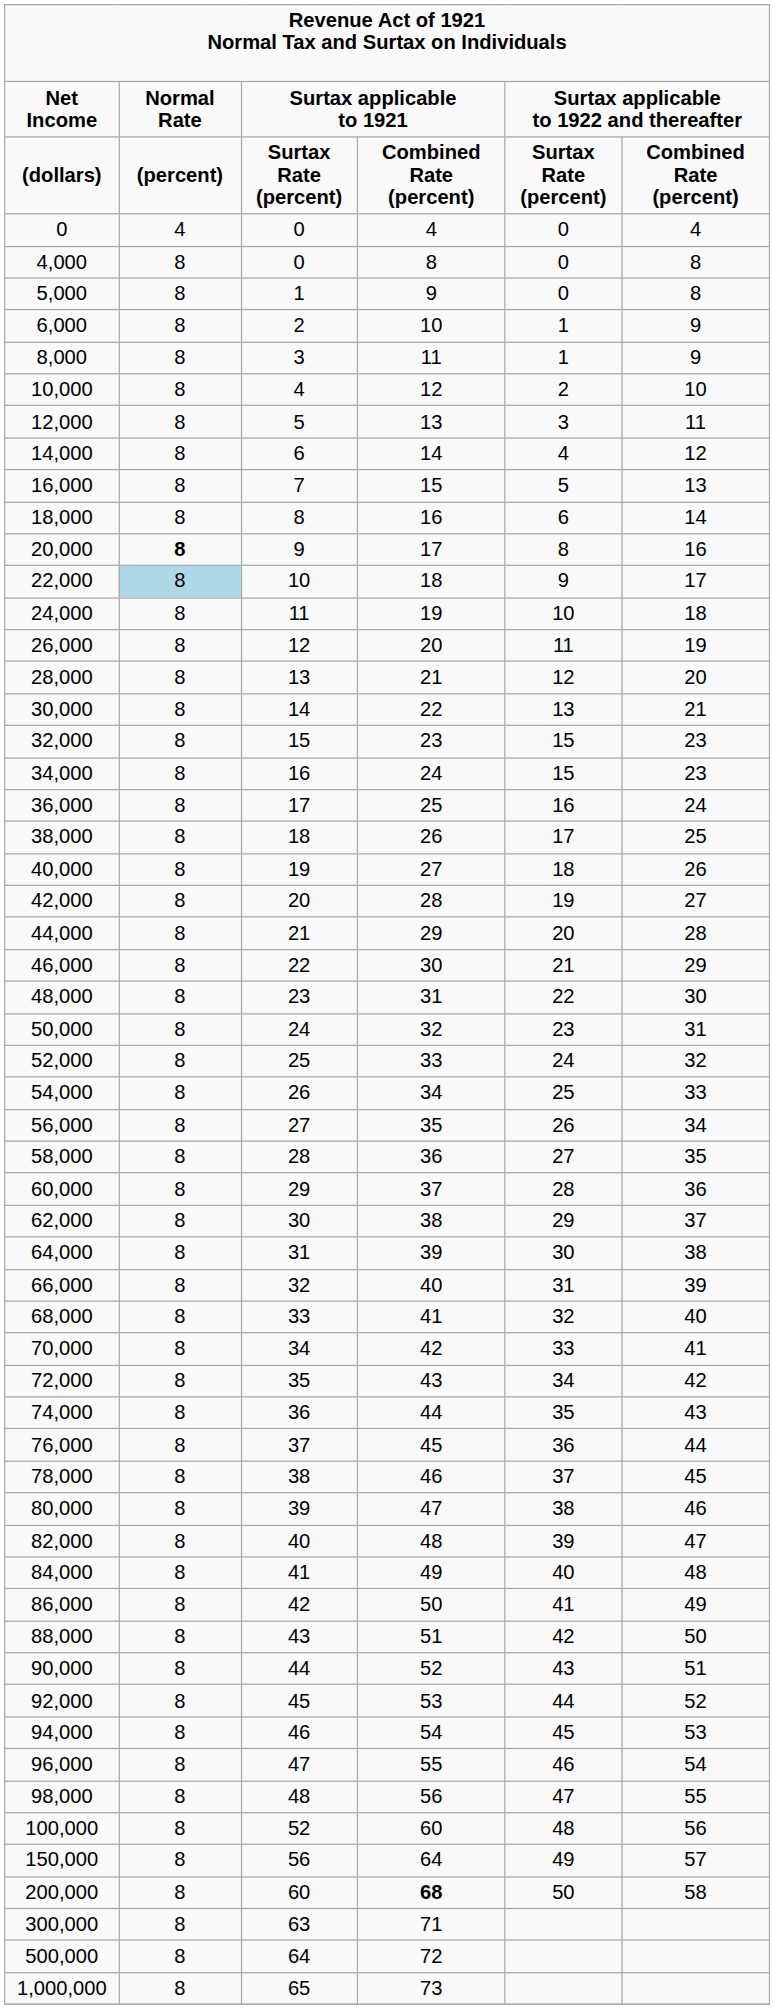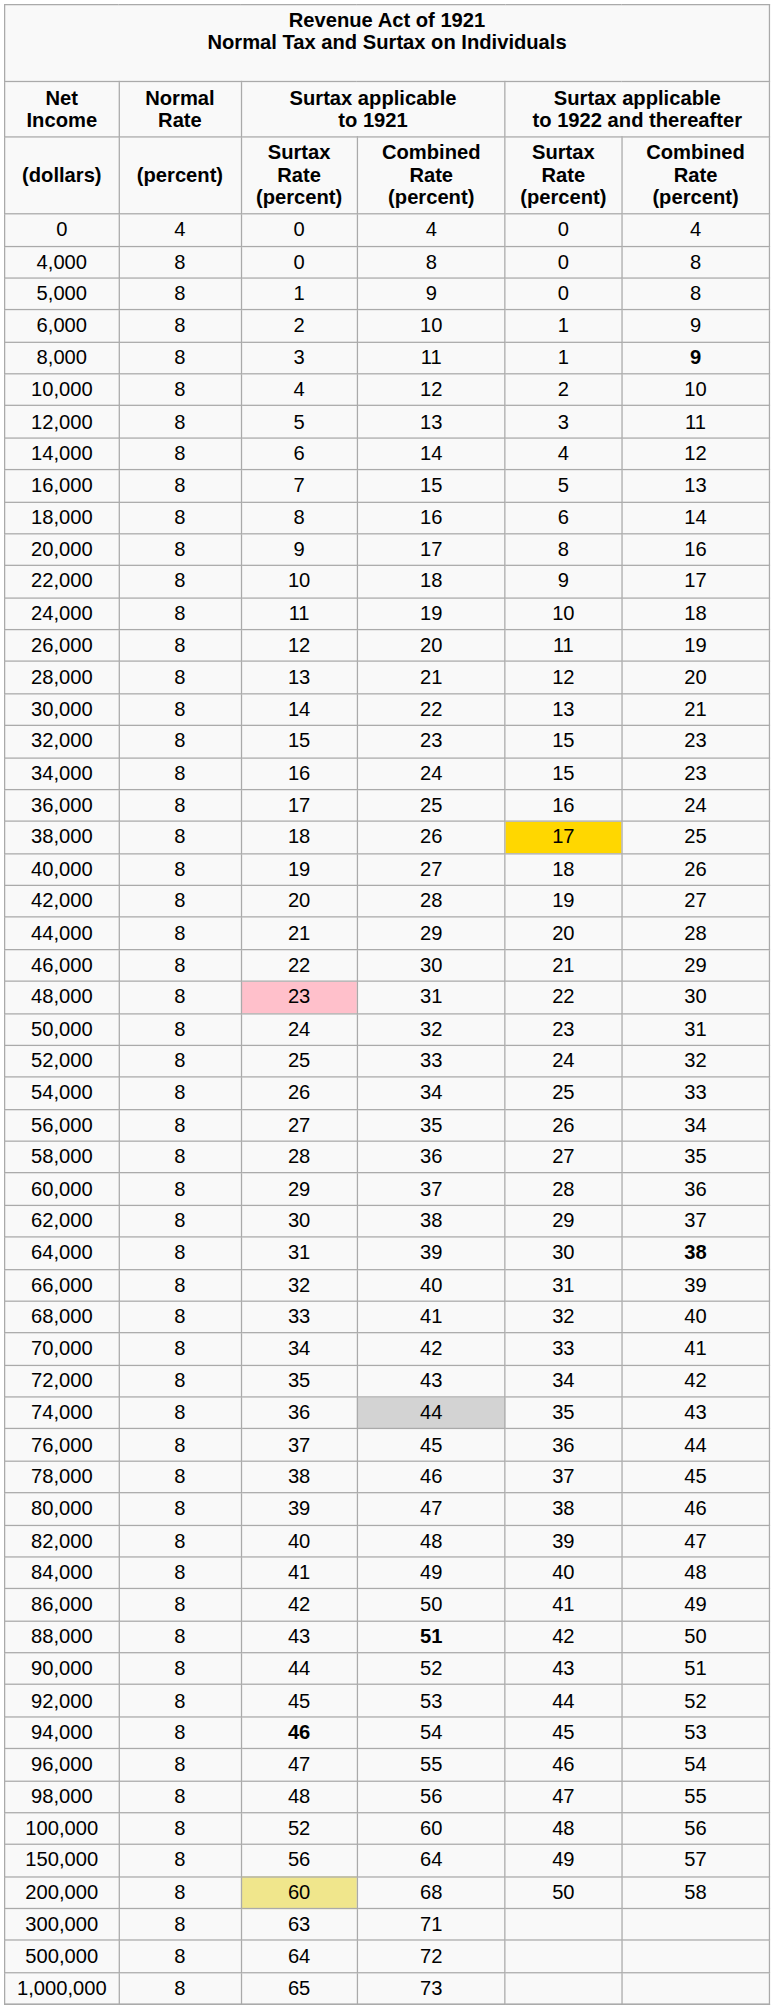 <table class="wikitable" style="text-align: center;">
 <tr>
 <td colspan="6"><strong>Revenue Act of 1921<br>Normal Tax and Surtax on Individuals</strong><br><br> </td>
 </tr>
 <tr>
 <td><strong>Net Income</strong></td>
 <td><strong>Normal Rate</strong></td>
 <td colspan=2><strong>Surtax applicable<br>to 1921</strong></td>
 <td colspan=2><strong>Surtax applicable<br>to 1922 and thereafter</strong></td>
 </tr>
 <tr>
 <td><strong>(dollars)</strong></td>
 <td><strong>(percent)</strong></td>
 <td><strong>Surtax Rate<br>(percent)</strong></td>
 <td><strong>Combined Rate<br>(percent)</strong></td>
 <td><strong>Surtax Rate<br>(percent)</strong></td>
 <td><strong>Combined Rate<br>(percent)</strong></td>
 </tr>
 <tr>
 <td>0</td>
 <td>4</td>
 <td>0</td>
 <td>4</td>
 <td>0</td>
 <td>4</td>
 </tr>
 <tr>
 <td>4,000</td>
 <td>8</td>
 <td>0</td>
 <td>8</td>
 <td>0</td>
 <td>8</td>
 </tr>
 <tr>
 <td>5,000</td>
 <td>8</td>
 <td>1</td>
 <td>9</td>
 <td>0</td>
 <td>8</td>
 </tr>
 <tr>
 <td>6,000</td>
 <td>8</td>
 <td>2</td>
 <td>10</td>
 <td>1</td>
 <td>9</td>
 </tr>
 <tr>
 <td>8,000</td>
 <td>8</td>
 <td>3</td>
 <td>11</td>
 <td>1</td>
-<td>9</td>
+<td><strong>9</strong></td>
 </tr>
 <tr>
 <td>10,000</td>
 <td>8</td>
 <td>4</td>
 <td>12</td>
 <td>2</td>
 <td>10</td>
 </tr>
 <tr>
 <td>12,000</td>
 <td>8</td>
 <td>5</td>
 <td>13</td>
 <td>3</td>
 <td>11</td>
 </tr>
 <tr>
 <td>14,000</td>
 <td>8</td>
 <td>6</td>
 <td>14</td>
 <td>4</td>
 <td>12</td>
 </tr>
 <tr>
 <td>16,000</td>
 <td>8</td>
 <td>7</td>
 <td>15</td>
 <td>5</td>
 <td>13</td>
 </tr>
 <tr>
 <td>18,000</td>
 <td>8</td>
 <td>8</td>
 <td>16</td>
 <td>6</td>
 <td>14</td>
 </tr>
 <tr>
 <td>20,000</td>
-<td><strong>8</strong></td>
+<td>8</td>
 <td>9</td>
 <td>17</td>
 <td>8</td>
 <td>16</td>
 </tr>
 <tr>
 <td>22,000</td>
-<td style="background: lightblue;">8</td>
+<td>8</td>
 <td>10</td>
 <td>18</td>
 <td>9</td>
 <td>17</td>
 </tr>
 <tr>
 <td>24,000</td>
 <td>8</td>
 <td>11</td>
 <td>19</td>
 <td>10</td>
 <td>18</td>
 </tr>
 <tr>
 <td>26,000</td>
 <td>8</td>
 <td>12</td>
 <td>20</td>
 <td>11</td>
 <td>19</td>
 </tr>
 <tr>
 <td>28,000</td>
 <td>8</td>
 <td>13</td>
 <td>21</td>
 <td>12</td>
 <td>20</td>
 </tr>
 <tr>
 <td>30,000</td>
 <td>8</td>
 <td>14</td>
 <td>22</td>
 <td>13</td>
 <td>21</td>
 </tr>
 <tr>
 <td>32,000</td>
 <td>8</td>
 <td>15</td>
 <td>23</td>
 <td>15</td>
 <td>23</td>
 </tr>
 <tr>
 <td>34,000</td>
 <td>8</td>
 <td>16</td>
 <td>24</td>
 <td>15</td>
 <td>23</td>
 </tr>
 <tr>
 <td>36,000</td>
 <td>8</td>
 <td>17</td>
 <td>25</td>
 <td>16</td>
 <td>24</td>
 </tr>
 <tr>
 <td>38,000</td>
 <td>8</td>
 <td>18</td>
 <td>26</td>
-<td>17</td>
+<td style="background: gold;">17</td>
 <td>25</td>
 </tr>
 <tr>
 <td>40,000</td>
 <td>8</td>
 <td>19</td>
 <td>27</td>
 <td>18</td>
 <td>26</td>
 </tr>
 <tr>
 <td>42,000</td>
 <td>8</td>
 <td>20</td>
 <td>28</td>
 <td>19</td>
 <td>27</td>
 </tr>
 <tr>
 <td>44,000</td>
 <td>8</td>
 <td>21</td>
 <td>29</td>
 <td>20</td>
 <td>28</td>
 </tr>
 <tr>
 <td>46,000</td>
 <td>8</td>
 <td>22</td>
 <td>30</td>
 <td>21</td>
 <td>29</td>
 </tr>
 <tr>
 <td>48,000</td>
 <td>8</td>
-<td>23</td>
+<td style="background: pink;">23</td>
 <td>31</td>
 <td>22</td>
 <td>30</td>
 </tr>
 <tr>
 <td>50,000</td>
 <td>8</td>
 <td>24</td>
 <td>32</td>
 <td>23</td>
 <td>31</td>
 </tr>
 <tr>
 <td>52,000</td>
 <td>8</td>
 <td>25</td>
 <td>33</td>
 <td>24</td>
 <td>32</td>
 </tr>
 <tr>
 <td>54,000</td>
 <td>8</td>
 <td>26</td>
 <td>34</td>
 <td>25</td>
 <td>33</td>
 </tr>
 <tr>
 <td>56,000</td>
 <td>8</td>
 <td>27</td>
 <td>35</td>
 <td>26</td>
 <td>34</td>
 </tr>
 <tr>
 <td>58,000</td>
 <td>8</td>
 <td>28</td>
 <td>36</td>
 <td>27</td>
 <td>35</td>
 </tr>
 <tr>
 <td>60,000</td>
 <td>8</td>
 <td>29</td>
 <td>37</td>
 <td>28</td>
 <td>36</td>
 </tr>
 <tr>
 <td>62,000</td>
 <td>8</td>
 <td>30</td>
 <td>38</td>
 <td>29</td>
 <td>37</td>
 </tr>
 <tr>
 <td>64,000</td>
 <td>8</td>
 <td>31</td>
 <td>39</td>
 <td>30</td>
-<td>38</td>
+<td><strong>38</strong></td>
 </tr>
 <tr>
 <td>66,000</td>
 <td>8</td>
 <td>32</td>
 <td>40</td>
 <td>31</td>
 <td>39</td>
 </tr>
 <tr>
 <td>68,000</td>
 <td>8</td>
 <td>33</td>
 <td>41</td>
 <td>32</td>
 <td>40</td>
 </tr>
 <tr>
 <td>70,000</td>
 <td>8</td>
 <td>34</td>
 <td>42</td>
 <td>33</td>
 <td>41</td>
 </tr>
 <tr>
 <td>72,000</td>
 <td>8</td>
 <td>35</td>
 <td>43</td>
 <td>34</td>
 <td>42</td>
 </tr>
 <tr>
 <td>74,000</td>
 <td>8</td>
 <td>36</td>
-<td>44</td>
+<td style="background: lightgrey;">44</td>
 <td>35</td>
 <td>43</td>
 </tr>
 <tr>
 <td>76,000</td>
 <td>8</td>
 <td>37</td>
 <td>45</td>
 <td>36</td>
 <td>44</td>
 </tr>
 <tr>
 <td>78,000</td>
 <td>8</td>
 <td>38</td>
 <td>46</td>
 <td>37</td>
 <td>45</td>
 </tr>
 <tr>
 <td>80,000</td>
 <td>8</td>
 <td>39</td>
 <td>47</td>
 <td>38</td>
 <td>46</td>
 </tr>
 <tr>
 <td>82,000</td>
 <td>8</td>
 <td>40</td>
 <td>48</td>
 <td>39</td>
 <td>47</td>
 </tr>
 <tr>
 <td>84,000</td>
 <td>8</td>
 <td>41</td>
 <td>49</td>
 <td>40</td>
 <td>48</td>
 </tr>
 <tr>
 <td>86,000</td>
 <td>8</td>
 <td>42</td>
 <td>50</td>
 <td>41</td>
 <td>49</td>
 </tr>
 <tr>
 <td>88,000</td>
 <td>8</td>
 <td>43</td>
-<td>51</td>
+<td><strong>51</strong></td>
 <td>42</td>
 <td>50</td>
 </tr>
 <tr>
 <td>90,000</td>
 <td>8</td>
 <td>44</td>
 <td>52</td>
 <td>43</td>
 <td>51</td>
 </tr>
 <tr>
 <td>92,000</td>
 <td>8</td>
 <td>45</td>
 <td>53</td>
 <td>44</td>
 <td>52</td>
 </tr>
 <tr>
 <td>94,000</td>
 <td>8</td>
-<td>46</td>
+<td><strong>46</strong></td>
 <td>54</td>
 <td>45</td>
 <td>53</td>
 </tr>
 <tr>
 <td>96,000</td>
 <td>8</td>
 <td>47</td>
 <td>55</td>
 <td>46</td>
 <td>54</td>
 </tr>
 <tr>
 <td>98,000</td>
 <td>8</td>
 <td>48</td>
 <td>56</td>
 <td>47</td>
 <td>55</td>
 </tr>
 <tr>
 <td>100,000</td>
 <td>8</td>
 <td>52</td>
 <td>60</td>
 <td>48</td>
 <td>56</td>
 </tr>
 <tr>
 <td>150,000</td>
 <td>8</td>
 <td>56</td>
 <td>64</td>
 <td>49</td>
 <td>57</td>
 </tr>
 <tr>
 <td>200,000</td>
 <td>8</td>
-<td>60</td>
-<td><strong>68</strong></td>
+<td style="background: khaki;">60</td>
+<td>68</td>
 <td>50</td>
 <td>58</td>
 </tr>
 <tr>
 <td>300,000</td>
 <td>8</td>
 <td>63</td>
 <td>71</td>
 <td></td>
 <td></td>
 </tr>
 <tr>
 <td>500,000</td>
 <td>8</td>
 <td>64</td>
 <td>72</td>
 <td></td>
 <td></td>
 </tr>
 <tr>
 <td>1,000,000</td>
 <td>8</td>
 <td>65</td>
 <td>73</td>
 <td></td>
 <td></td>
 </tr>
 <tr>
 </tr>
 </table>
